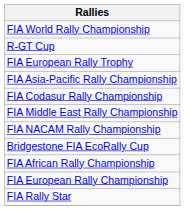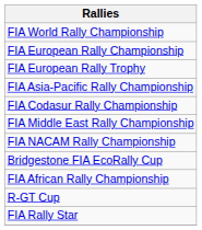 <table class="wikitable">
 <tr>
 <th>Rallies</th>
 </tr>
 <tr>
 <td><a href='#'>FIA World Rally Championship</a></td>
 </tr>
 <tr>
-<td><a href='#'>R-GT Cup</a></td>
+<td><a href='#'>FIA European Rally Championship</a></td>
 </tr>
 <tr>
 <td><a href='#'>FIA European Rally Trophy</a></td>
 </tr>
 <tr>
 <td><a href='#'>FIA Asia-Pacific Rally Championship</a></td>
 </tr>
 <tr>
 <td><a href='#'>FIA Codasur Rally Championship</a></td>
 </tr>
 <tr>
 <td><a href='#'>FIA Middle East Rally Championship</a></td>
 </tr>
 <tr>
 <td><a href='#'>FIA NACAM Rally Championship</a></td>
 </tr>
 <tr>
 <td><a href='#'>Bridgestone FIA EcoRally Cup</a></td>
 </tr>
 <tr>
 <td><a href='#'>FIA African Rally Championship</a></td>
 </tr>
 <tr>
-<td><a href='#'>FIA European Rally Championship</a></td>
+<td><a href='#'>R-GT Cup</a></td>
 </tr>
 <tr>
 <td><a href='#'>FIA Rally Star</a></td>
 </tr>
 <tr>
 </tr>
 </table>
